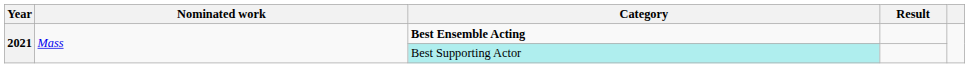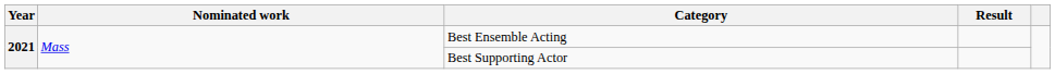 <table class=wikitable>
 <tr>
 <th scope="col" style="width:1em;">Year</th>
 <th scope="col" style="width:30em;">Nominated work</th>
 <th scope="col" style="width:38em;">Category</th>
 <th scope="col" style="width:5em;">Result</th>
 <th scope="col" style="width:1em;"></th>
 </tr>
 <tr>
 <th scope="row" rowspan="2">2021</th>
 <td rowspan="2"><em><a href='#'>Mass</a></em></td>
-<td><strong>Best Ensemble Acting</strong></td>
+<td>Best Ensemble Acting</td>
 <td></td>
 <td style="text-align:center;" rowspan="2"></td>
 </tr>
 <tr>
-<td style="background: paleturquoise;">Best Supporting Actor</td>
+<td>Best Supporting Actor</td>
 <td></td>
 </tr>
 </table>
